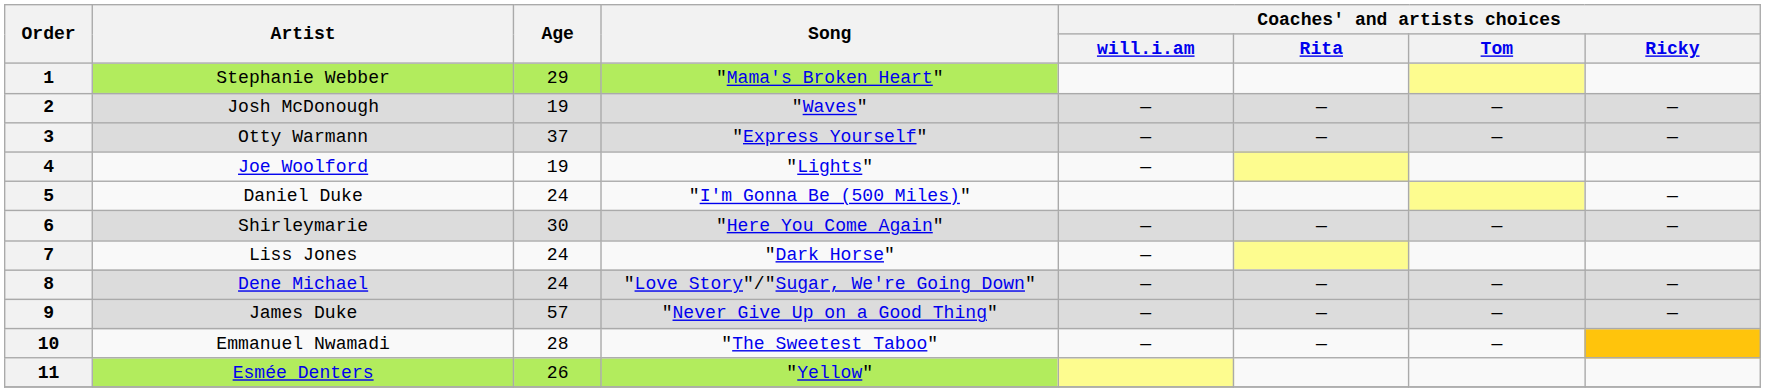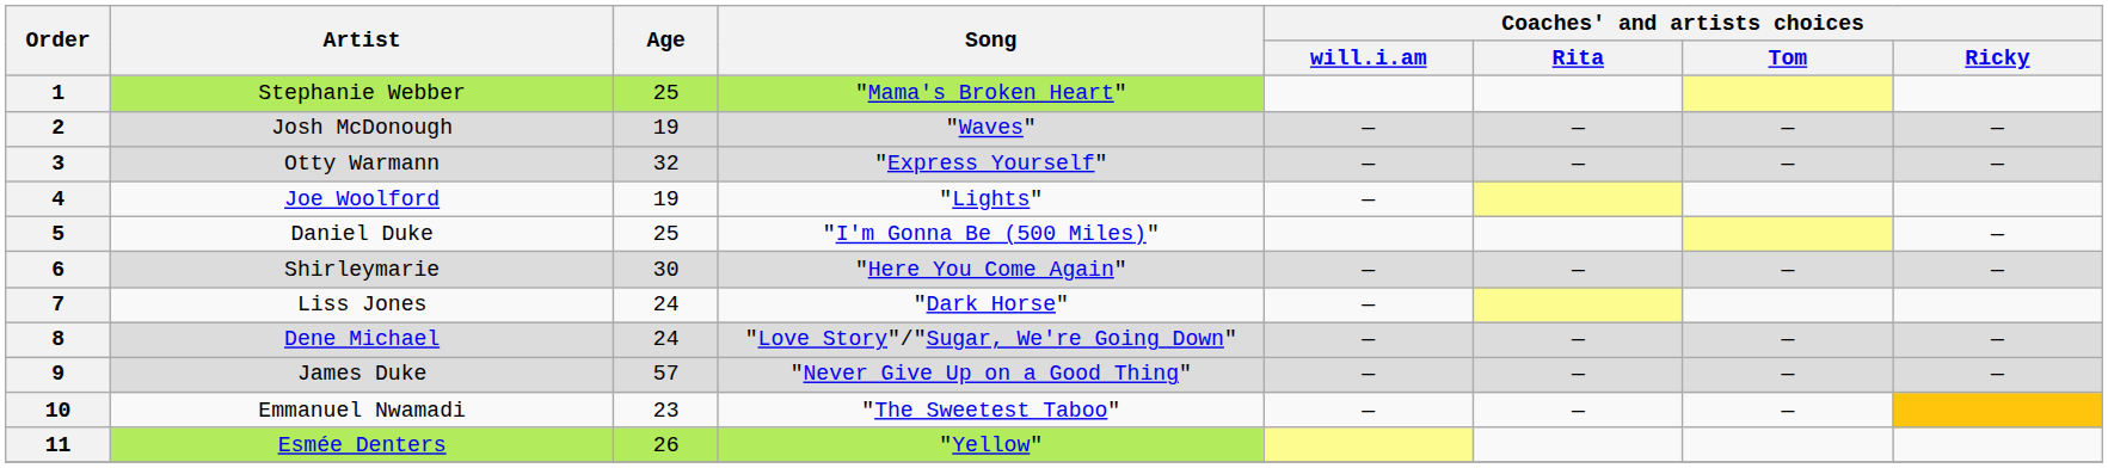 <table class="wikitable" style="text-align:center; width:100%;">
 <tr>
 <th scope="col" rowspan="2" style="width:05%;">Order</th>
 <th scope="col" rowspan="2" style="width:24%;">Artist</th>
 <th scope="col" rowspan="2" style="width:05%;">Age</th>
 <th scope="col" rowspan="2" style="width:26%;">Song</th>
 <th colspan="4" style="width:40%;">Coaches' and artists choices</th>
 </tr>
 <tr>
 <th style="width:10%;"><a href='#'>will.i.am</a></th>
 <th style="width:10%;"><a href='#'>Rita</a></th>
 <th style="width:10%;"><a href='#'>Tom</a></th>
 <th style="width:10%;"><a href='#'>Ricky</a></th>
 </tr>
 <tr>
 <th scope="col">1</th>
 <td style="background-color:#B2EC5D;">Stephanie Webber</td>
-<td style="background-color:#B2EC5D;">29</td>
+<td style="background-color:#B2EC5D;">25</td>
 <td style="background-color:#B2EC5D;">"<a href='#'>Mama's Broken Heart</a>"</td>
 <td><strong></strong></td>
 <td><strong></strong></td>
 <td style="background:#fdfc8f;text-align:center;"><strong></strong></td>
 <td><strong></strong></td>
 </tr>
 <tr style="background:#DCDCDC">
 <th scope="col">2</th>
 <td style="background:#DCDCDC; text-align:center;">Josh McDonough</td>
 <td style="background:#DCDCDC; text-align:center;">19</td>
 <td style="background:#DCDCDC; text-align:center;">"<a href='#'>Waves</a>"</td>
 <td>—</td>
 <td>—</td>
 <td>—</td>
 <td>—</td>
 </tr>
 <tr style="background:#DCDCDC">
 <th scope="col">3</th>
 <td style="background:#DCDCDC; text-align:center;">Otty Warmann</td>
-<td style="background:#DCDCDC; text-align:center;">37</td>
+<td style="background:#DCDCDC; text-align:center;">32</td>
 <td style="background:#DCDCDC; text-align:center;">"<a href='#'>Express Yourself</a>"</td>
 <td>—</td>
 <td>—</td>
 <td>—</td>
 <td>—</td>
 </tr>
 <tr>
 <th scope="col">4</th>
 <td><a href='#'>Joe Woolford</a></td>
 <td>19</td>
 <td>"<a href='#'>Lights</a>"</td>
 <td>—</td>
 <td style="background:#fdfc8f;text-align:center;"><strong></strong></td>
 <td><strong></strong></td>
 <td><strong></strong></td>
 </tr>
 <tr>
 <th scope="col">5</th>
 <td>Daniel Duke</td>
-<td>24</td>
+<td>25</td>
 <td>"<a href='#'>I'm Gonna Be (500 Miles)</a>"</td>
 <td><strong></strong></td>
 <td><strong></strong></td>
 <td style="background:#fdfc8f;text-align:center;"><strong></strong></td>
 <td>—</td>
 </tr>
 <tr style="background:#DCDCDC">
 <th scope="col">6</th>
 <td style="background:#DCDCDC; text-align:center;">Shirleymarie</td>
 <td style="background:#DCDCDC; text-align:center;">30</td>
 <td style="background:#DCDCDC; text-align:center;">"<a href='#'>Here You Come Again</a>"</td>
 <td>—</td>
 <td>—</td>
 <td>—</td>
 <td>—</td>
 </tr>
 <tr>
 <th scope="col">7</th>
 <td>Liss Jones</td>
 <td>24</td>
 <td>"<a href='#'>Dark Horse</a>"</td>
 <td>—</td>
 <td style="background:#fdfc8f;text-align:center;"><strong></strong></td>
 <td><strong></strong></td>
 <td><strong></strong></td>
 </tr>
 <tr style="background:#DCDCDC">
 <th scope="col">8</th>
 <td style="background:#DCDCDC; text-align:center;"><a href='#'>Dene Michael</a></td>
 <td style="background:#DCDCDC; text-align:center;">24</td>
 <td style="background:#DCDCDC; text-align:center;">"<a href='#'>Love Story</a>"/"<a href='#'>Sugar, We're Going Down</a>"</td>
 <td>—</td>
 <td>—</td>
 <td>—</td>
 <td>—</td>
 </tr>
 <tr style="background:#DCDCDC">
 <th scope="col">9</th>
 <td style="background:#DCDCDC; text-align:center;">James Duke</td>
 <td style="background:#DCDCDC; text-align:center;">57</td>
 <td style="background:#DCDCDC; text-align:center;">"<a href='#'>Never Give Up on a Good Thing</a>"</td>
 <td>—</td>
 <td>—</td>
 <td>—</td>
 <td>—</td>
 </tr>
 <tr>
 <th scope="col">10</th>
 <td>Emmanuel Nwamadi</td>
-<td>28</td>
+<td>23</td>
 <td>"<a href='#'>The Sweetest Taboo</a>"</td>
 <td>—</td>
 <td>—</td>
 <td>—</td>
 <td style="background:#FFC40C;text-align:center;"><strong></strong></td>
 </tr>
 <tr>
 <th scope="col">11</th>
 <td style="background-color:#B2EC5D;"><a href='#'>Esmée Denters</a></td>
 <td style="background-color:#B2EC5D;">26</td>
 <td style="background-color:#B2EC5D;">"<a href='#'>Yellow</a>"</td>
 <td style="background:#fdfc8f;text-align:center;"><strong></strong></td>
 <td><strong></strong></td>
 <td><strong></strong></td>
 <td><strong></strong></td>
 </tr>
 <tr>
 </tr>
 </table>
